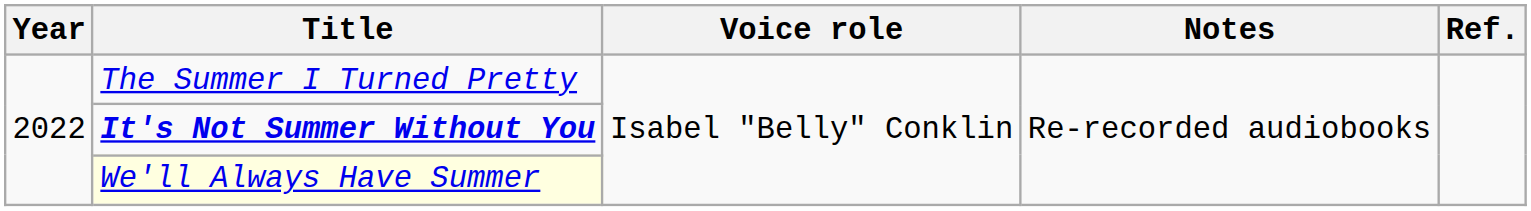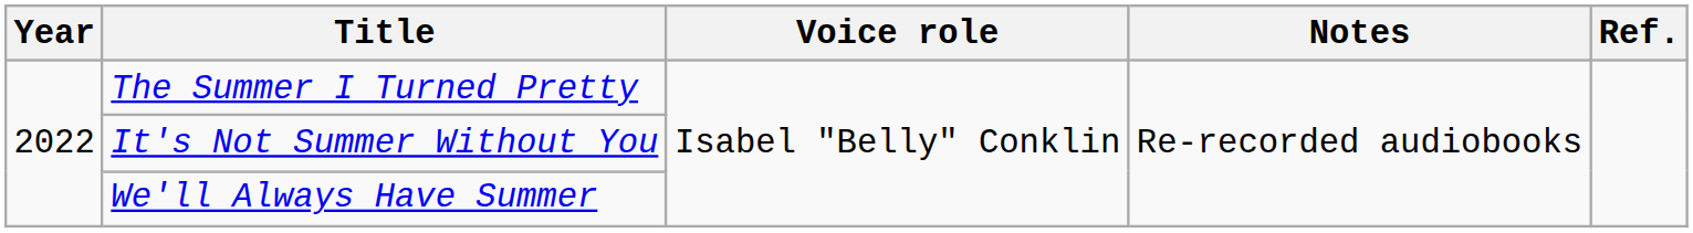 <table class="wikitable">
 <tr>
 <th>Year</th>
 <th>Title</th>
 <th>Voice role</th>
 <th>Notes</th>
 <th>Ref.</th>
 </tr>
 <tr>
 <td rowspan="3">2022</td>
 <td><em><a href='#'>The Summer I Turned Pretty</a></em></td>
 <td rowspan="3">Isabel "Belly" Conklin</td>
 <td rowspan="3">Re-recorded audiobooks</td>
 <td rowspan="3"></td>
 </tr>
 <tr>
-<td><strong><em><a href='#'>It's Not Summer Without You</a></em></strong></td>
+<td><em><a href='#'>It's Not Summer Without You</a></em></td>
 </tr>
 <tr>
-<td style="background: lightyellow;"><em><a href='#'>We'll Always Have Summer</a></em></td>
+<td><em><a href='#'>We'll Always Have Summer</a></em></td>
 </tr>
 </table>
